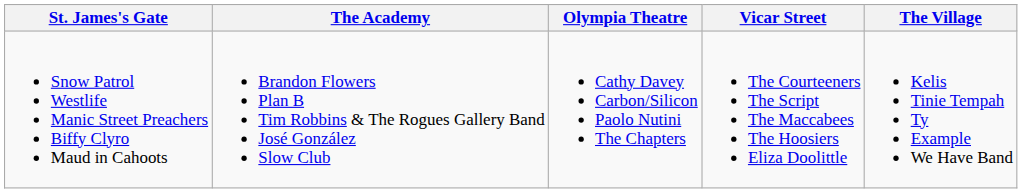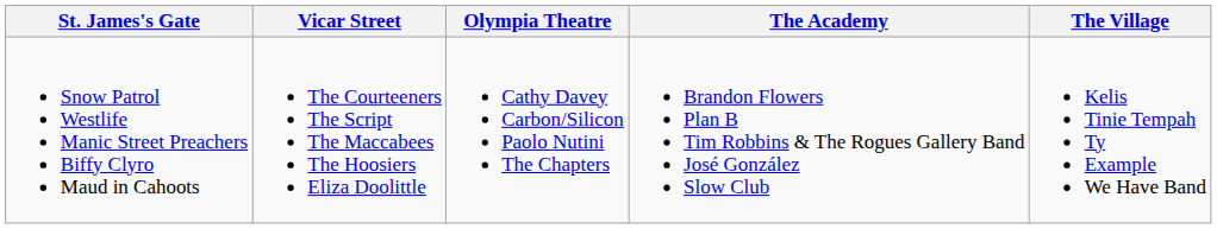 <table class="wikitable">
 <tr>
 <th><a href='#'>St. James's Gate</a></th>
+<th><a href='#'>Vicar Street</a></th>
+<th><a href='#'>Olympia Theatre</a></th>
 <th><a href='#'>The Academy</a></th>
-<th><a href='#'>Olympia Theatre</a></th>
-<th><a href='#'>Vicar Street</a></th>
 <th><a href='#'>The Village</a></th>
 </tr>
 <tr valign="top">
 <td><br><ul><li><a href='#'>Snow Patrol</a></li><li><a href='#'>Westlife</a></li><li><a href='#'>Manic Street Preachers</a></li><li><a href='#'>Biffy Clyro</a></li><li>Maud in Cahoots</li></ul></td>
+<td><br><ul><li><a href='#'>The Courteeners</a></li><li><a href='#'>The Script</a></li><li><a href='#'>The Maccabees</a></li><li><a href='#'>The Hoosiers</a></li><li><a href='#'>Eliza Doolittle</a></li></ul></td>
+<td><br><ul><li><a href='#'>Cathy Davey</a></li><li><a href='#'>Carbon/Silicon</a></li><li><a href='#'>Paolo Nutini</a></li><li><a href='#'>The Chapters</a></li></ul></td>
 <td><br><ul><li><a href='#'>Brandon Flowers</a></li><li><a href='#'>Plan B</a></li><li><a href='#'>Tim Robbins</a> & The Rogues Gallery Band</li><li><a href='#'>José González</a></li><li><a href='#'>Slow Club</a></li></ul></td>
-<td><br><ul><li><a href='#'>Cathy Davey</a></li><li><a href='#'>Carbon/Silicon</a></li><li><a href='#'>Paolo Nutini</a></li><li><a href='#'>The Chapters</a></li></ul></td>
-<td><br><ul><li><a href='#'>The Courteeners</a></li><li><a href='#'>The Script</a></li><li><a href='#'>The Maccabees</a></li><li><a href='#'>The Hoosiers</a></li><li><a href='#'>Eliza Doolittle</a></li></ul></td>
 <td><br><ul><li><a href='#'>Kelis</a></li><li><a href='#'>Tinie Tempah</a></li><li><a href='#'>Ty</a></li><li><a href='#'>Example</a></li><li>We Have Band</li></ul></td>
 </tr>
 </table>
